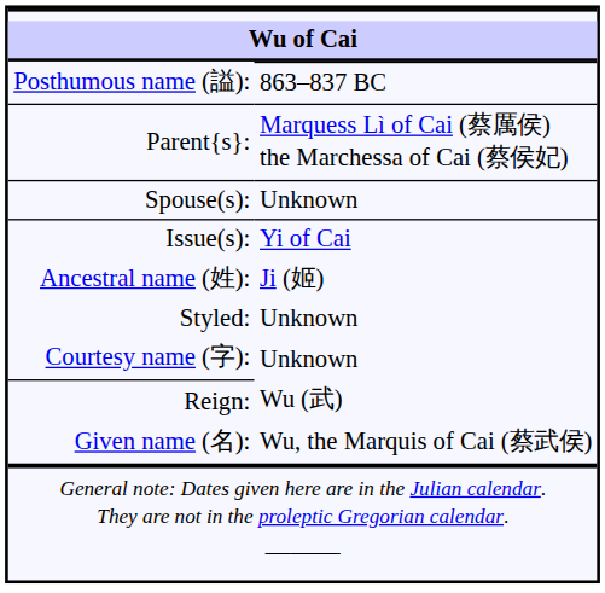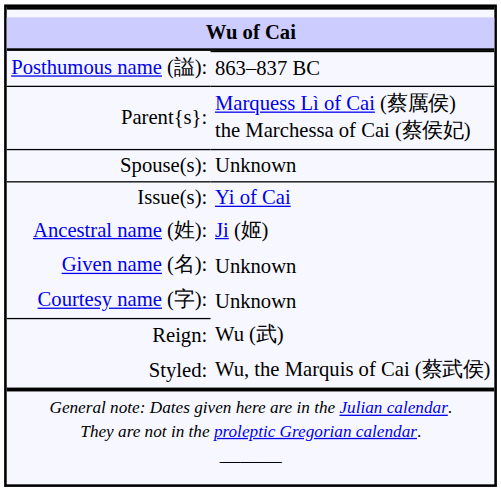 <table cellpadding=3px cellspacing=0px bgcolor=#f7f8ff style="float:right; border:2px solid; margin:5px">
 <tr>
 <td colspan=2 align=center style="border-top:2px solid"></td>
 </tr>
 <tr>
 <th align=center style="background:#ccf; border-bottom:2px solid" colspan=2>Wu of Cai</th>
 </tr>
 <tr>
 <td align="right" nowrap="nowrap"><a href='#'>Posthumous name</a> (謚):</td>
 <td style="border-top:1px solid">863–837 BC</td>
 </tr>
 <tr>
 <td align=right style="border-top:1px solid">Parent{s}:</td>
 <td style="border-top:1px solid"><a href='#'>Marquess Lì of Cai</a> (蔡厲侯) <br> the Marchessa of Cai (蔡侯妃)</td>
 </tr>
 <tr>
 <td align=right style="border-top:1px solid">Spouse(s):</td>
 <td style="border-top:1px solid">Unknown</td>
 </tr>
 <tr>
 <td align=right style="border-top:1px solid">Issue(s):</td>
 <td style="border-top:1px solid"><a href='#'>Yi of Cai</a></td>
 </tr>
 <tr>
 <td align="right"><a href='#'>Ancestral name</a> (姓):</td>
 <td><a href='#'>Ji</a> (姬)</td>
 </tr>
 <tr>
-<td align="right">Styled:</td>
+<td align="right"><a href='#'>Given name</a> (名):</td>
 <td>Unknown</td>
 </tr>
 <tr>
 <td align="right"><a href='#'>Courtesy name</a> (字):</td>
 <td>Unknown</td>
 </tr>
 <tr>
 <td align=right style="border-top:1px solid">Reign:</td>
 <td>Wu (武)</td>
 </tr>
 <tr>
-<td align="right"><a href='#'>Given name</a> (名):</td>
+<td align="right">Styled:</td>
 <td>Wu, the Marquis of Cai (蔡武侯)</td>
 </tr>
 <tr>
 <td colspan=2 align=center style="border-top:3px solid"><small><em>General note: Dates given here are in the <a href='#'>Julian calendar</a></em>.<br><em>They are not in the <a href='#'>proleptic Gregorian calendar</a></em>.</small></td>
 </tr>
 <tr>
 <td colspan=2 align=center>———</td>
 </tr>
 <tr>
 <td></td>
 </tr>
 <tr>
 </tr>
 </table>
